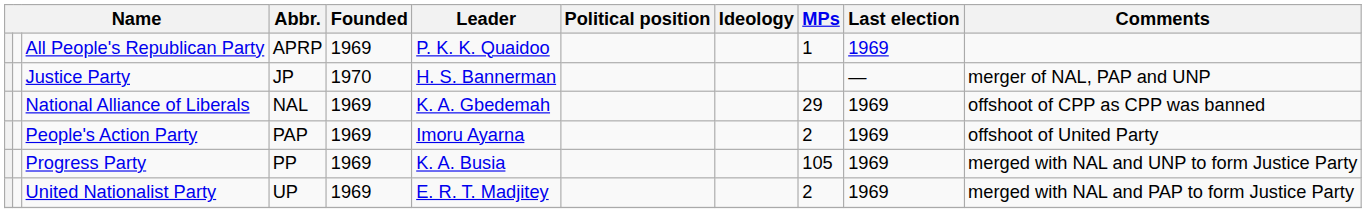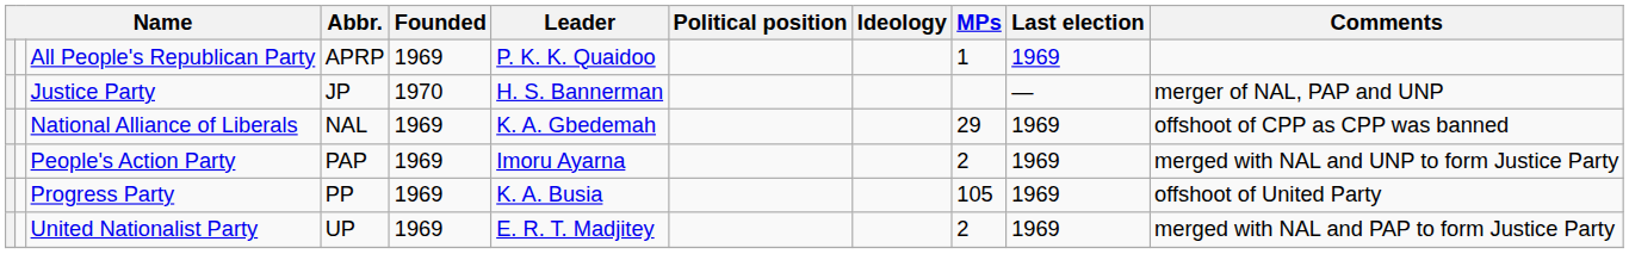 <table class="wikitable">
 <tr>
 <th colspan=3>Name</th>
 <th>Abbr.</th>
 <th>Founded</th>
 <th>Leader</th>
 <th>Political position</th>
 <th>Ideology</th>
 <th><a href='#'>MPs</a></th>
 <th>Last election</th>
 <th>Comments</th>
 </tr>
 <tr>
 <th></th>
 <td></td>
 <td><a href='#'>All People's Republican Party</a><br></td>
 <td>APRP</td>
 <td>1969</td>
 <td><a href='#'>P. K. K. Quaidoo</a></td>
 <td></td>
 <td></td>
 <td>1</td>
 <td><a href='#'>1969</a></td>
 <td></td>
 </tr>
 <tr>
 <th></th>
 <td></td>
 <td><a href='#'>Justice Party</a> <br></td>
 <td>JP</td>
 <td>1970</td>
 <td><a href='#'>H. S. Bannerman</a></td>
 <td></td>
 <td></td>
 <td></td>
 <td>—</td>
 <td>merger of NAL, PAP and UNP</td>
 </tr>
 <tr>
 <th></th>
 <td></td>
 <td><a href='#'>National Alliance of Liberals</a><br></td>
 <td>NAL</td>
 <td>1969</td>
 <td><a href='#'>K. A. Gbedemah</a></td>
 <td></td>
 <td></td>
 <td>29</td>
 <td>1969</td>
 <td>offshoot of CPP as CPP was banned</td>
 </tr>
 <tr>
 <th></th>
 <td></td>
 <td><a href='#'>People's Action Party</a><br></td>
 <td>PAP</td>
 <td>1969</td>
 <td><a href='#'>Imoru Ayarna</a></td>
 <td></td>
 <td></td>
 <td>2</td>
 <td>1969</td>
-<td>offshoot of United Party</td>
+<td>merged with NAL and UNP to form Justice Party</td>
 </tr>
 <tr>
 <th></th>
 <td></td>
 <td><a href='#'>Progress Party</a><br></td>
 <td>PP</td>
 <td>1969</td>
 <td><a href='#'>K. A. Busia</a></td>
 <td></td>
 <td></td>
 <td>105</td>
 <td>1969</td>
-<td>merged with NAL and UNP to form Justice Party</td>
+<td>offshoot of United Party</td>
 </tr>
 <tr>
 <th></th>
 <td></td>
 <td><a href='#'>United Nationalist Party</a><br></td>
 <td>UP</td>
 <td>1969</td>
 <td><a href='#'>E. R. T. Madjitey</a></td>
 <td></td>
 <td></td>
 <td>2</td>
 <td>1969</td>
 <td>merged with NAL and PAP to form Justice Party</td>
 </tr>
 <tr>
 </tr>
 </table>
